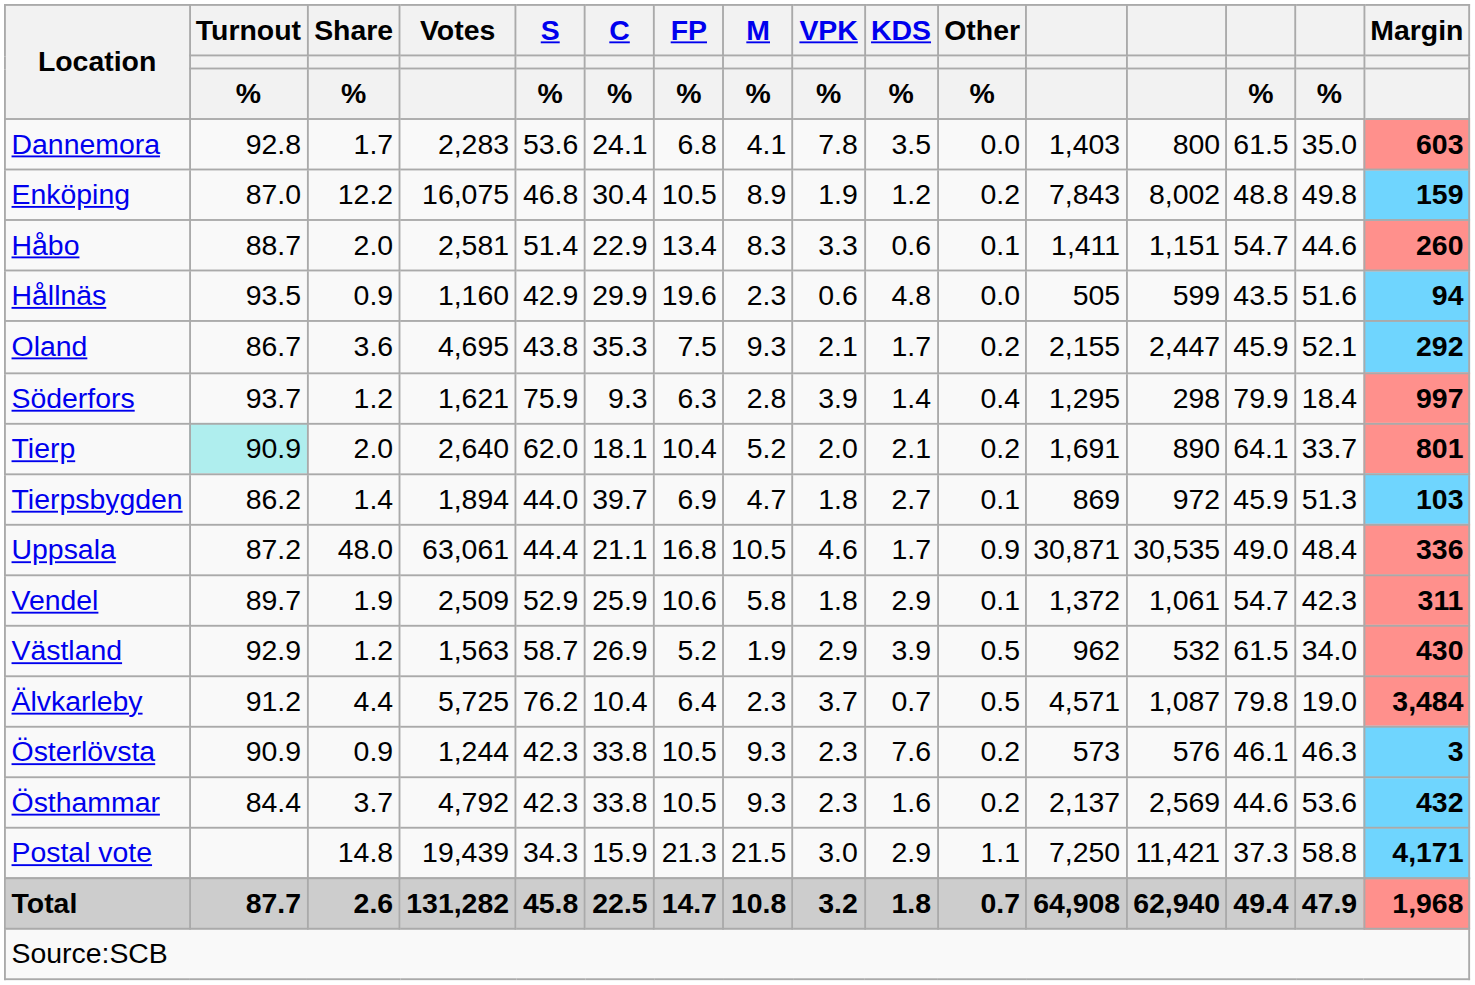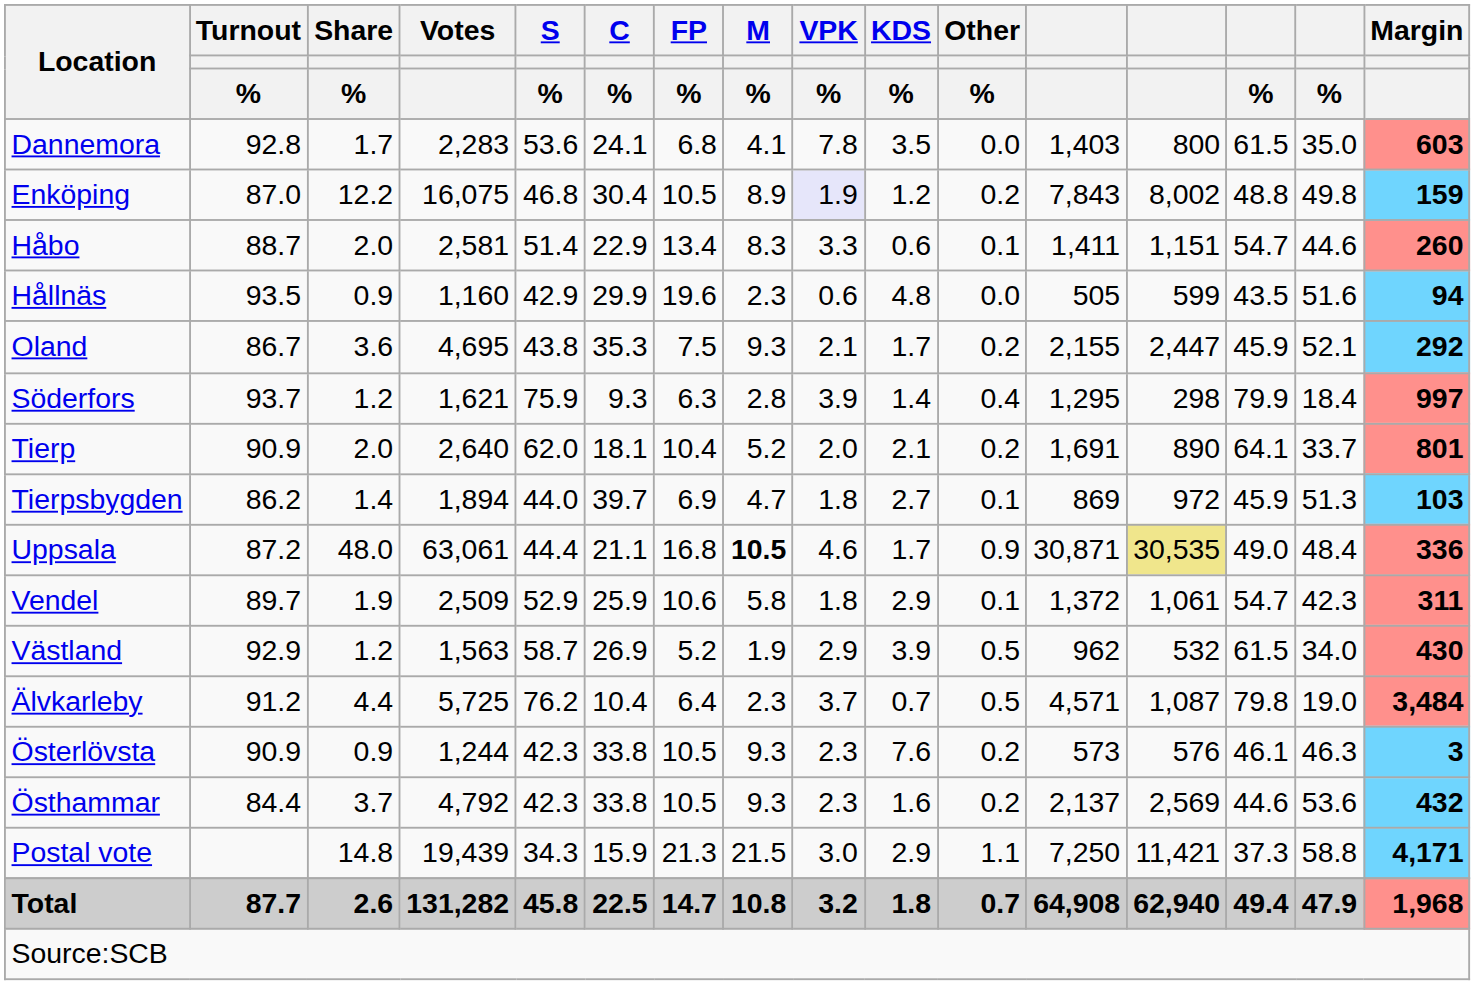 <table class="wikitable sortable" style="text-align:right; font-size:95%; line-height:20px;">
 <tr>
 <th rowspan="3">Location</th>
 <th>Turnout</th>
 <th>Share</th>
 <th>Votes</th>
 <th width="30px" class="unsortable"><a href='#'>S</a></th>
 <th width="30px" class="unsortable"><a href='#'>C</a></th>
 <th width="30px" class="unsortable"><a href='#'>FP</a></th>
 <th width="30px" class="unsortable"><a href='#'>M</a></th>
 <th width="30px" class="unsortable"><a href='#'>VPK</a></th>
 <th width="30px" class="unsortable"><a href='#'>KDS</a></th>
 <th width="30px" class="unsortable">Other</th>
 <th></th>
 <th></th>
 <th></th>
 <th></th>
 <th>Margin</th>
 </tr>
 <tr>
 <th></th>
 <th></th>
 <th></th>
 <th style="background:"></th>
 <th style="background:"></th>
 <th style="background:"></th>
 <th style="background:"></th>
 <th style="background:"></th>
 <th style="background:"></th>
 <th style="background:"></th>
 <th style="background:"></th>
 <th style="background:"></th>
 <th style="background:"></th>
 <th style="background:"></th>
 <th></th>
 </tr>
 <tr>
 <th data-sort-type="number">%</th>
 <th data-sort-type="number">%</th>
 <th></th>
 <th data-sort-type="number">%</th>
 <th data-sort-type="number">%</th>
 <th data-sort-type="number">%</th>
 <th data-sort-type="number">%</th>
 <th data-sort-type="number">%</th>
 <th data-sort-type="number">%</th>
 <th data-sort-type="number">%</th>
 <th data-sort-type="number"></th>
 <th data-sort-type="number"></th>
 <th data-sort-type="number">%</th>
 <th data-sort-type="number">%</th>
 <th data-sort-type="number"></th>
 </tr>
 <tr>
 <td align=left><a href='#'>Dannemora</a></td>
 <td>92.8</td>
 <td>1.7</td>
 <td>2,283</td>
 <td>53.6</td>
 <td>24.1</td>
 <td>6.8</td>
 <td>4.1</td>
 <td>7.8</td>
 <td>3.5</td>
 <td>0.0</td>
 <td>1,403</td>
 <td>800</td>
 <td>61.5</td>
 <td>35.0</td>
 <td bgcolor=#ff908c><strong>603</strong></td>
 </tr>
 <tr>
 <td align=left><a href='#'>Enköping</a></td>
 <td>87.0</td>
 <td>12.2</td>
 <td>16,075</td>
 <td>46.8</td>
 <td>30.4</td>
 <td>10.5</td>
 <td>8.9</td>
-<td>1.9</td>
+<td style="background: lavender;">1.9</td>
 <td>1.2</td>
 <td>0.2</td>
 <td>7,843</td>
 <td>8,002</td>
 <td>48.8</td>
 <td>49.8</td>
 <td bgcolor=#6fd5fe><strong>159</strong></td>
 </tr>
 <tr>
 <td align=left><a href='#'>Håbo</a></td>
 <td>88.7</td>
 <td>2.0</td>
 <td>2,581</td>
 <td>51.4</td>
 <td>22.9</td>
 <td>13.4</td>
 <td>8.3</td>
 <td>3.3</td>
 <td>0.6</td>
 <td>0.1</td>
 <td>1,411</td>
 <td>1,151</td>
 <td>54.7</td>
 <td>44.6</td>
 <td bgcolor=#ff908c><strong>260</strong></td>
 </tr>
 <tr>
 <td align=left><a href='#'>Hållnäs</a></td>
 <td>93.5</td>
 <td>0.9</td>
 <td>1,160</td>
 <td>42.9</td>
 <td>29.9</td>
 <td>19.6</td>
 <td>2.3</td>
 <td>0.6</td>
 <td>4.8</td>
 <td>0.0</td>
 <td>505</td>
 <td>599</td>
 <td>43.5</td>
 <td>51.6</td>
 <td bgcolor=#6fd5fe><strong>94</strong></td>
 </tr>
 <tr>
 <td align=left><a href='#'>Oland</a></td>
 <td>86.7</td>
 <td>3.6</td>
 <td>4,695</td>
 <td>43.8</td>
 <td>35.3</td>
 <td>7.5</td>
 <td>9.3</td>
 <td>2.1</td>
 <td>1.7</td>
 <td>0.2</td>
 <td>2,155</td>
 <td>2,447</td>
 <td>45.9</td>
 <td>52.1</td>
 <td bgcolor=#6fd5fe><strong>292</strong></td>
 </tr>
 <tr>
 <td align=left><a href='#'>Söderfors</a></td>
 <td>93.7</td>
 <td>1.2</td>
 <td>1,621</td>
 <td>75.9</td>
 <td>9.3</td>
 <td>6.3</td>
 <td>2.8</td>
 <td>3.9</td>
 <td>1.4</td>
 <td>0.4</td>
 <td>1,295</td>
 <td>298</td>
 <td>79.9</td>
 <td>18.4</td>
 <td bgcolor=#ff908c><strong>997</strong></td>
 </tr>
 <tr>
 <td align=left><a href='#'>Tierp</a></td>
-<td style="background: paleturquoise;">90.9</td>
+<td>90.9</td>
 <td>2.0</td>
 <td>2,640</td>
 <td>62.0</td>
 <td>18.1</td>
 <td>10.4</td>
 <td>5.2</td>
 <td>2.0</td>
 <td>2.1</td>
 <td>0.2</td>
 <td>1,691</td>
 <td>890</td>
 <td>64.1</td>
 <td>33.7</td>
 <td bgcolor=#ff908c><strong>801</strong></td>
 </tr>
 <tr>
 <td align=left><a href='#'>Tierpsbygden</a></td>
 <td>86.2</td>
 <td>1.4</td>
 <td>1,894</td>
 <td>44.0</td>
 <td>39.7</td>
 <td>6.9</td>
 <td>4.7</td>
 <td>1.8</td>
 <td>2.7</td>
 <td>0.1</td>
 <td>869</td>
 <td>972</td>
 <td>45.9</td>
 <td>51.3</td>
 <td bgcolor=#6fd5fe><strong>103</strong></td>
 </tr>
 <tr>
 <td align=left><a href='#'>Uppsala</a></td>
 <td>87.2</td>
 <td>48.0</td>
 <td>63,061</td>
 <td>44.4</td>
 <td>21.1</td>
 <td>16.8</td>
-<td>10.5</td>
+<td><strong>10.5</strong></td>
 <td>4.6</td>
 <td>1.7</td>
 <td>0.9</td>
 <td>30,871</td>
-<td>30,535</td>
+<td style="background: khaki;">30,535</td>
 <td>49.0</td>
 <td>48.4</td>
 <td bgcolor=#ff908c><strong>336</strong></td>
 </tr>
 <tr>
 <td align=left><a href='#'>Vendel</a></td>
 <td>89.7</td>
 <td>1.9</td>
 <td>2,509</td>
 <td>52.9</td>
 <td>25.9</td>
 <td>10.6</td>
 <td>5.8</td>
 <td>1.8</td>
 <td>2.9</td>
 <td>0.1</td>
 <td>1,372</td>
 <td>1,061</td>
 <td>54.7</td>
 <td>42.3</td>
 <td bgcolor=#ff908c><strong>311</strong></td>
 </tr>
 <tr>
 <td align=left><a href='#'>Västland</a></td>
 <td>92.9</td>
 <td>1.2</td>
 <td>1,563</td>
 <td>58.7</td>
 <td>26.9</td>
 <td>5.2</td>
 <td>1.9</td>
 <td>2.9</td>
 <td>3.9</td>
 <td>0.5</td>
 <td>962</td>
 <td>532</td>
 <td>61.5</td>
 <td>34.0</td>
 <td bgcolor=#ff908c><strong>430</strong></td>
 </tr>
 <tr>
 <td align=left><a href='#'>Älvkarleby</a></td>
 <td>91.2</td>
 <td>4.4</td>
 <td>5,725</td>
 <td>76.2</td>
 <td>10.4</td>
 <td>6.4</td>
 <td>2.3</td>
 <td>3.7</td>
 <td>0.7</td>
 <td>0.5</td>
 <td>4,571</td>
 <td>1,087</td>
 <td>79.8</td>
 <td>19.0</td>
 <td bgcolor=#ff908c><strong>3,484</strong></td>
 </tr>
 <tr>
 <td align=left><a href='#'>Österlövsta</a></td>
 <td>90.9</td>
 <td>0.9</td>
 <td>1,244</td>
 <td>42.3</td>
 <td>33.8</td>
 <td>10.5</td>
 <td>9.3</td>
 <td>2.3</td>
 <td>7.6</td>
 <td>0.2</td>
 <td>573</td>
 <td>576</td>
 <td>46.1</td>
 <td>46.3</td>
 <td bgcolor=#6fd5fe><strong>3</strong></td>
 </tr>
 <tr>
 <td align=left><a href='#'>Östhammar</a></td>
 <td>84.4</td>
 <td>3.7</td>
 <td>4,792</td>
 <td>42.3</td>
 <td>33.8</td>
 <td>10.5</td>
 <td>9.3</td>
 <td>2.3</td>
 <td>1.6</td>
 <td>0.2</td>
 <td>2,137</td>
 <td>2,569</td>
 <td>44.6</td>
 <td>53.6</td>
 <td bgcolor=#6fd5fe><strong>432</strong></td>
 </tr>
 <tr>
 <td align=left><a href='#'>Postal vote</a></td>
 <td></td>
 <td>14.8</td>
 <td>19,439</td>
 <td>34.3</td>
 <td>15.9</td>
 <td>21.3</td>
 <td>21.5</td>
 <td>3.0</td>
 <td>2.9</td>
 <td>1.1</td>
 <td>7,250</td>
 <td>11,421</td>
 <td>37.3</td>
 <td>58.8</td>
 <td bgcolor=#6fd5fe><strong>4,171</strong></td>
 </tr>
 <tr>
 </tr>
 <tr style="background:#CDCDCD;">
 <td align=left><strong>Total</strong></td>
 <td><strong>87.7</strong></td>
 <td><strong>2.6</strong></td>
 <td><strong>131,282</strong></td>
 <td><strong>45.8</strong></td>
 <td><strong>22.5</strong></td>
 <td><strong>14.7</strong></td>
 <td><strong>10.8</strong></td>
 <td><strong>3.2</strong></td>
 <td><strong>1.8</strong></td>
 <td><strong>0.7</strong></td>
 <td><strong>64,908</strong></td>
 <td><strong>62,940</strong></td>
 <td><strong>49.4</strong></td>
 <td><strong>47.9</strong></td>
 <td bgcolor=#ff908c><strong>1,968</strong></td>
 </tr>
 <tr>
 <td align=left colspan=16>Source:SCB </td>
 </tr>
 </table>
